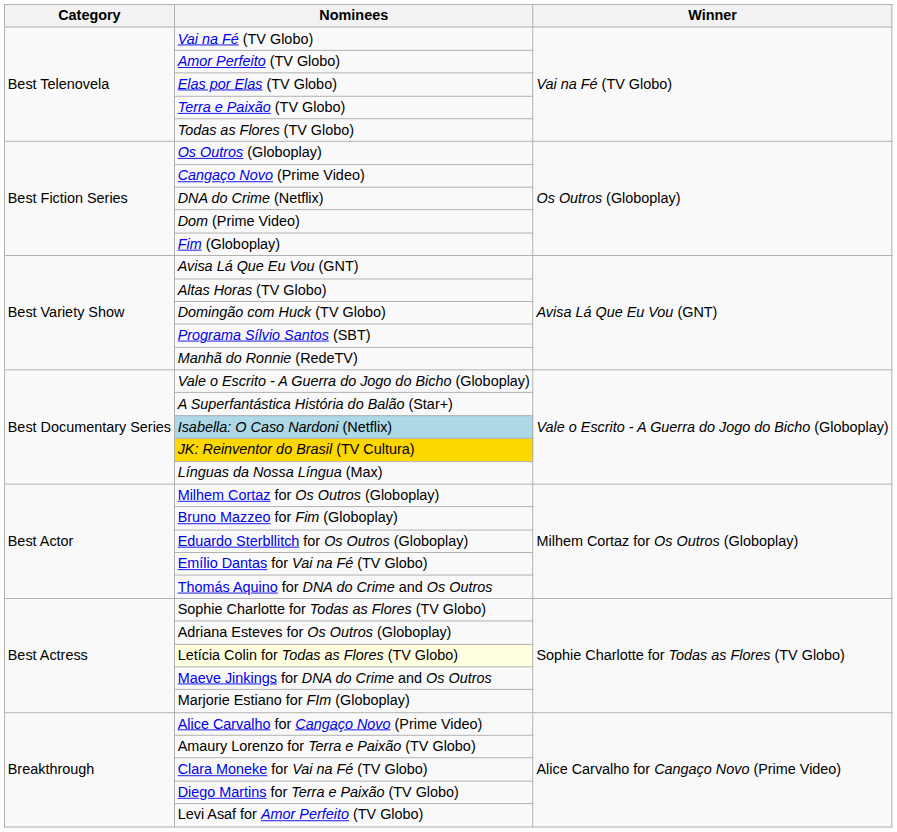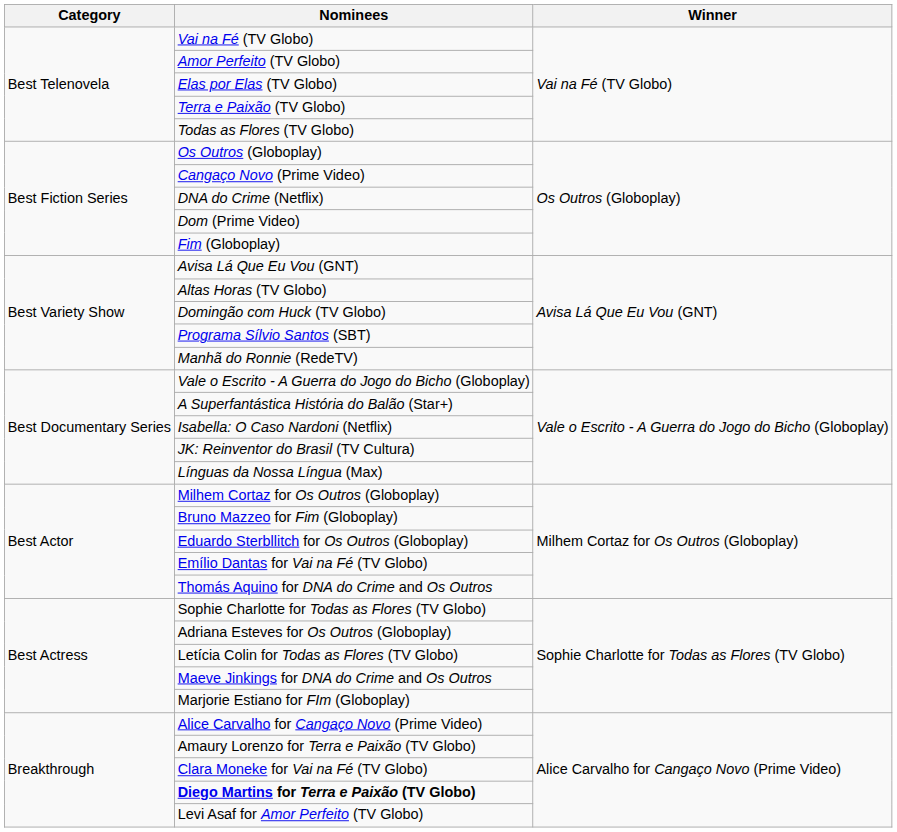 <table class="wikitable">
 <tr>
 <th>Category</th>
 <th>Nominees</th>
 <th>Winner</th>
 </tr>
 <tr>
 <td rowspan="5">Best Telenovela</td>
 <td><em><a href='#'>Vai na Fé</a></em> (TV Globo)</td>
 <td rowspan="5"><em>Vai na Fé</em> (TV Globo)</td>
 </tr>
 <tr>
 <td><em><a href='#'>Amor Perfeito</a></em> (TV Globo)</td>
 </tr>
 <tr>
 <td><em><a href='#'>Elas por Elas</a></em> (TV Globo)</td>
 </tr>
 <tr>
 <td><em><a href='#'>Terra e Paixão</a></em> (TV Globo)</td>
 </tr>
 <tr>
 <td><em>Todas as Flores</em> (TV Globo)</td>
 </tr>
 <tr>
 <td rowspan="5">Best Fiction Series</td>
 <td><em><a href='#'>Os Outros</a></em>  (Globoplay)</td>
 <td rowspan="5"><em>Os Outros</em>  (Globoplay)</td>
 </tr>
 <tr>
 <td><em><a href='#'>Cangaço Novo</a></em> (Prime Video)</td>
 </tr>
 <tr>
 <td><em>DNA do Crime</em> (Netflix)</td>
 </tr>
 <tr>
 <td><em>Dom</em> (Prime Video)</td>
 </tr>
 <tr>
 <td><em><a href='#'>Fim</a></em> (Globoplay)</td>
 </tr>
 <tr>
 <td rowspan="5">Best Variety Show</td>
 <td><em>Avisa Lá Que Eu Vou</em> (GNT)</td>
 <td rowspan="5"><em>Avisa Lá Que Eu Vou</em> (GNT)</td>
 </tr>
 <tr>
 <td><em>Altas Horas</em> (TV Globo)</td>
 </tr>
 <tr>
 <td><em>Domingão com Huck</em> (TV Globo)</td>
 </tr>
 <tr>
 <td><em><a href='#'>Programa Sílvio Santos</a></em> (SBT)</td>
 </tr>
 <tr>
 <td><em>Manhã do Ronnie</em> (RedeTV)</td>
 </tr>
 <tr>
 <td rowspan="5">Best Documentary Series</td>
 <td><em>Vale o Escrito - A Guerra do Jogo do Bicho</em> (Globoplay)</td>
 <td rowspan="5"><em>Vale o Escrito - A Guerra do Jogo do Bicho</em> (Globoplay)</td>
 </tr>
 <tr>
 <td><em>A Superfantástica História do Balão</em> (Star+)</td>
 </tr>
 <tr>
-<td style="background: lightblue;"><em>Isabella: O Caso Nardoni</em> (Netflix)</td>
+<td><em>Isabella: O Caso Nardoni</em> (Netflix)</td>
 </tr>
 <tr>
-<td style="background: gold;"><em>JK: Reinventor do Brasil</em> (TV Cultura)</td>
+<td><em>JK: Reinventor do Brasil</em> (TV Cultura)</td>
 </tr>
 <tr>
 <td><em>Línguas da Nossa Língua</em> (Max)</td>
 </tr>
 <tr>
 <td rowspan="5">Best Actor</td>
 <td><a href='#'>Milhem Cortaz</a> for <em>Os Outros</em> (Globoplay)</td>
 <td rowspan="5">Milhem Cortaz for <em>Os Outros</em> (Globoplay)</td>
 </tr>
 <tr>
 <td><a href='#'>Bruno Mazzeo</a> for <em>Fim</em> (Globoplay)</td>
 </tr>
 <tr>
 <td><a href='#'>Eduardo Sterbllitch</a> for <em>Os Outros</em> (Globoplay)</td>
 </tr>
 <tr>
 <td><a href='#'>Emílio Dantas</a> for <em>Vai na Fé</em> (TV Globo)</td>
 </tr>
 <tr>
 <td><a href='#'>Thomás Aquino</a> for <em>DNA do Crime</em> and <em>Os Outros</em></td>
 </tr>
 <tr>
 <td rowspan="5">Best Actress</td>
 <td>Sophie Charlotte for <em>Todas as Flores</em> (TV Globo)</td>
 <td rowspan="5">Sophie Charlotte for <em>Todas as Flores</em> (TV Globo)</td>
 </tr>
 <tr>
 <td>Adriana Esteves for <em>Os Outros</em> (Globoplay)</td>
 </tr>
 <tr>
-<td style="background: lightyellow;">Letícia Colin for <em>Todas as Flores</em> (TV Globo)</td>
+<td>Letícia Colin for <em>Todas as Flores</em> (TV Globo)</td>
 </tr>
 <tr>
 <td><a href='#'>Maeve Jinkings</a> for <em>DNA do Crime</em> and <em>Os Outros</em></td>
 </tr>
 <tr>
 <td>Marjorie Estiano for <em>FIm</em> (Globoplay)</td>
 </tr>
 <tr>
 <td rowspan="5">Breakthrough</td>
 <td><a href='#'>Alice Carvalho</a> for <em><a href='#'>Cangaço Novo</a></em> (Prime Video)</td>
 <td rowspan="5">Alice Carvalho for <em>Cangaço Novo</em> (Prime Video)</td>
 </tr>
 <tr>
 <td>Amaury Lorenzo for <em>Terra e Paixão</em> (TV Globo)</td>
 </tr>
 <tr>
 <td><a href='#'>Clara Moneke</a> for <em>Vai na Fé</em> (TV Globo)</td>
 </tr>
 <tr>
-<td><a href='#'>Diego Martins</a> for <em>Terra e Paixão</em> (TV Globo)</td>
+<td><strong><a href='#'>Diego Martins</a> for <em>Terra e Paixão</em> (TV Globo)</strong></td>
 </tr>
 <tr>
 <td>Levi Asaf for <em><a href='#'>Amor Perfeito</a></em> (TV Globo)</td>
 </tr>
 </table>
